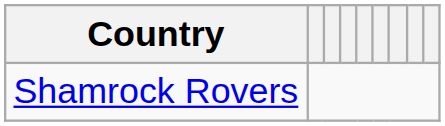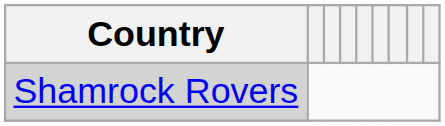 <table class="wikitable" style="text-align: center; font-size: 97%;">
 <tr>
 <th>Country</th>
 <th scope=col></th>
 <th scope=col></th>
 <th scope=col></th>
 <th scope=col></th>
 <th scope=col></th>
 <th scope=col></th>
 <th scope=col></th>
 <th scope=col></th>
 </tr>
 <tr>
-<td align=left> <a href='#'>Shamrock Rovers</a><br></td>
+<td align=left style="background: lightgrey;"> <a href='#'>Shamrock Rovers</a><br></td>
 </tr>
 </table>
